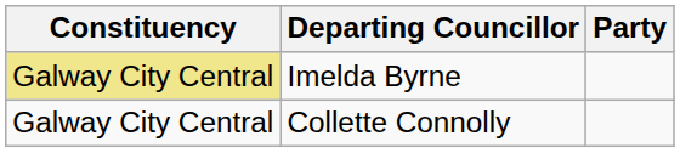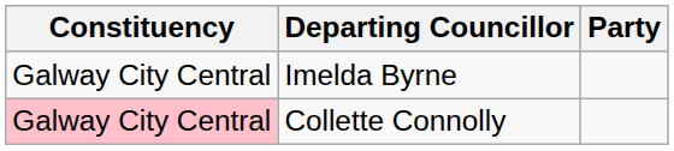 <table class="wikitable sortable">
 <tr>
 <th>Constituency</th>
 <th>Departing Councillor</th>
 <th colspan="2">Party</th>
 </tr>
 <tr>
-<td style="background: khaki;">Galway City Central</td>
+<td>Galway City Central</td>
 <td>Imelda Byrne</td>
 <td></td>
 </tr>
 <tr>
-<td>Galway City Central</td>
+<td style="background: pink;">Galway City Central</td>
 <td>Collette Connolly</td>
 <td></td>
 </tr>
 </table>
